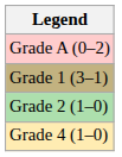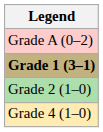 <table class="wikitable" style=font-size:85%>
 <tr>
 <th>Legend</th>
 </tr>
 <tr bgcolor=ffcccc>
 <td>Grade A (0–2)</td>
 </tr>
 <tr bgcolor=C2B280>
-<td>Grade 1 (3–1)</td>
+<td><strong>Grade 1 (3–1)</strong></td>
 </tr>
 <tr bgcolor=ADDFAD>
 <td>Grade 2 (1–0)</td>
 </tr>
 <tr bgcolor=ffecb2>
 <td>Grade 4 (1–0)</td>
 </tr>
 </table>
